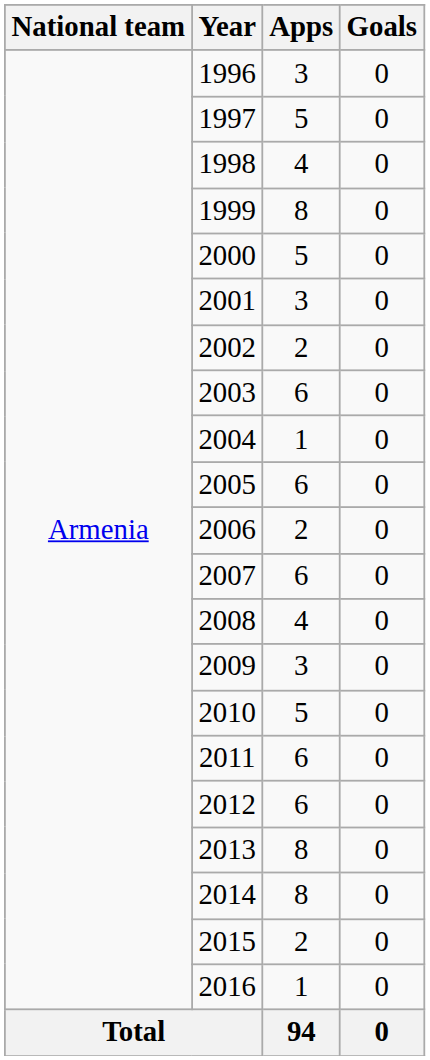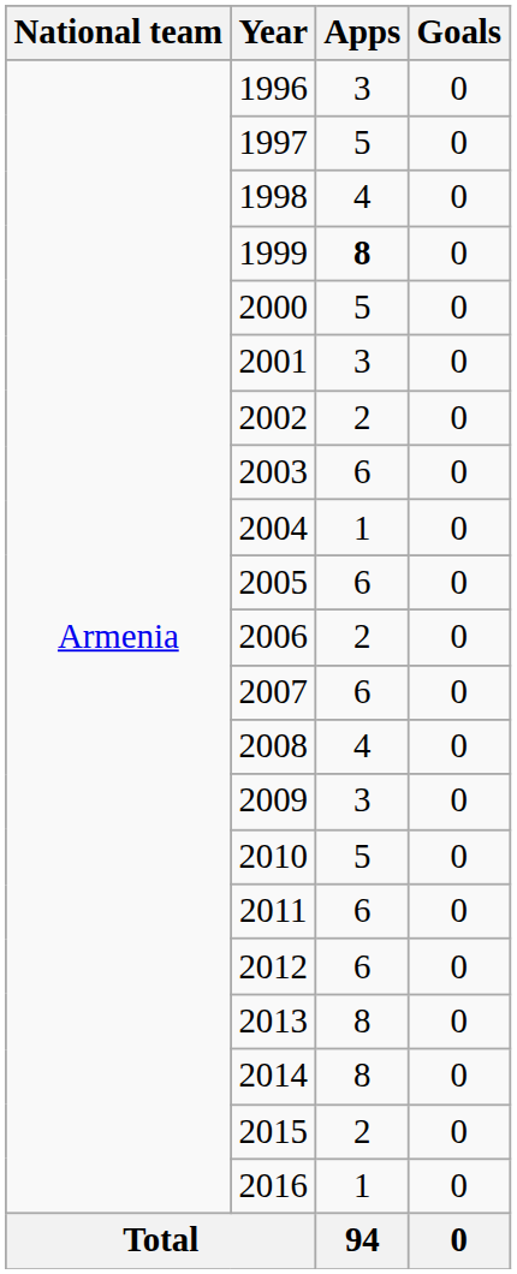 <table class="wikitable" style="text-align:center">
 <tr>
 <th>National team</th>
 <th>Year</th>
 <th>Apps</th>
 <th>Goals</th>
 </tr>
 <tr>
 <td rowspan="21"><a href='#'>Armenia</a></td>
 <td>1996</td>
 <td>3</td>
 <td>0</td>
 </tr>
 <tr>
 <td>1997</td>
 <td>5</td>
 <td>0</td>
 </tr>
 <tr>
 <td>1998</td>
 <td>4</td>
 <td>0</td>
 </tr>
 <tr>
 <td>1999</td>
-<td>8</td>
+<td><strong>8</strong></td>
 <td>0</td>
 </tr>
 <tr>
 <td>2000</td>
 <td>5</td>
 <td>0</td>
 </tr>
 <tr>
 <td>2001</td>
 <td>3</td>
 <td>0</td>
 </tr>
 <tr>
 <td>2002</td>
 <td>2</td>
 <td>0</td>
 </tr>
 <tr>
 <td>2003</td>
 <td>6</td>
 <td>0</td>
 </tr>
 <tr>
 <td>2004</td>
 <td>1</td>
 <td>0</td>
 </tr>
 <tr>
 <td>2005</td>
 <td>6</td>
 <td>0</td>
 </tr>
 <tr>
 <td>2006</td>
 <td>2</td>
 <td>0</td>
 </tr>
 <tr>
 <td>2007</td>
 <td>6</td>
 <td>0</td>
 </tr>
 <tr>
 <td>2008</td>
 <td>4</td>
 <td>0</td>
 </tr>
 <tr>
 <td>2009</td>
 <td>3</td>
 <td>0</td>
 </tr>
 <tr>
 <td>2010</td>
 <td>5</td>
 <td>0</td>
 </tr>
 <tr>
 <td>2011</td>
 <td>6</td>
 <td>0</td>
 </tr>
 <tr>
 <td>2012</td>
 <td>6</td>
 <td>0</td>
 </tr>
 <tr>
 <td>2013</td>
 <td>8</td>
 <td>0</td>
 </tr>
 <tr>
 <td>2014</td>
 <td>8</td>
 <td>0</td>
 </tr>
 <tr>
 <td>2015</td>
 <td>2</td>
 <td>0</td>
 </tr>
 <tr>
 <td>2016</td>
 <td>1</td>
 <td>0</td>
 </tr>
 <tr>
 <th colspan="2">Total</th>
 <th>94</th>
 <th>0</th>
 </tr>
 </table>
